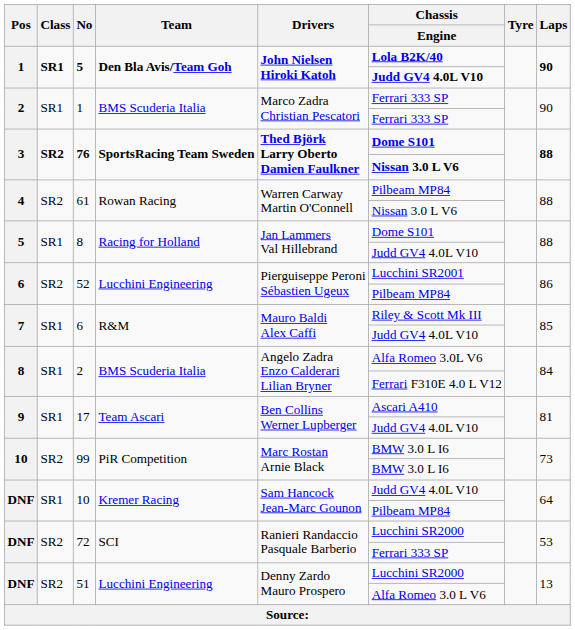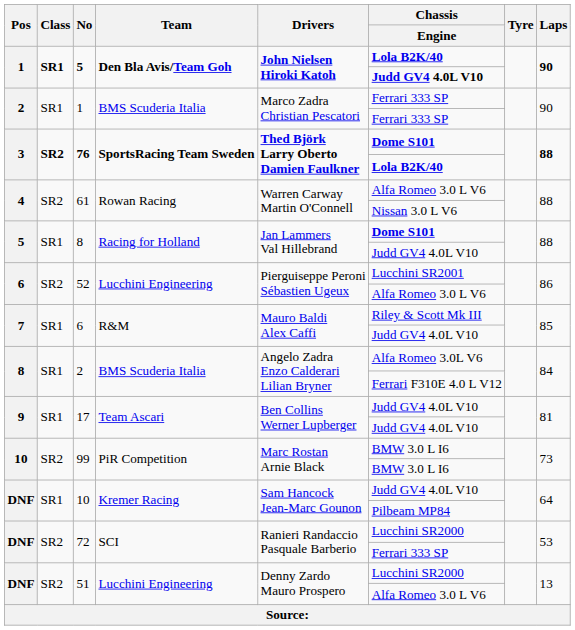 <table class="wikitable">
 <tr>
 <th rowspan="2">Pos</th>
 <th rowspan="2">Class</th>
 <th rowspan="2">No</th>
 <th rowspan="2">Team</th>
 <th rowspan="2">Drivers</th>
 <th>Chassis</th>
 <th rowspan="2">Tyre</th>
 <th rowspan="2">Laps</th>
 </tr>
 <tr>
 <th>Engine</th>
 </tr>
 <tr>
 <th rowspan="2">1</th>
 <td rowspan="2"><strong>SR1</strong></td>
 <td rowspan="2"><strong>5</strong></td>
 <td rowspan="2"><strong> Den Bla Avis/<a href='#'>Team Goh</a></strong></td>
 <td rowspan="2"><strong> <a href='#'>John Nielsen</a><br> <a href='#'>Hiroki Katoh</a></strong></td>
 <td><strong><a href='#'>Lola B2K/40</a></strong></td>
 <td rowspan="2"></td>
 <td rowspan="2"><strong>90</strong></td>
 </tr>
 <tr>
 <td><strong><a href='#'>Judd GV4</a> 4.0L V10</strong></td>
 </tr>
 <tr>
 <th rowspan="2">2</th>
 <td rowspan="2">SR1</td>
 <td rowspan="2">1</td>
 <td rowspan="2"> <a href='#'>BMS Scuderia Italia</a></td>
 <td rowspan="2"> Marco Zadra<br> <a href='#'>Christian Pescatori</a></td>
 <td><a href='#'>Ferrari 333 SP</a></td>
 <td rowspan="2"></td>
 <td rowspan="2">90</td>
 </tr>
 <tr>
 <td><a href='#'>Ferrari 333 SP</a></td>
 </tr>
 <tr>
 <th rowspan="2">3</th>
 <td rowspan="2"><strong>SR2</strong></td>
 <td rowspan="2"><strong>76</strong></td>
 <td rowspan="2"><strong> SportsRacing Team Sweden</strong></td>
 <td rowspan="2"><strong> <a href='#'>Thed Björk</a><br> Larry Oberto<br> <a href='#'>Damien Faulkner</a></strong></td>
 <td><strong><a href='#'>Dome S101</a></strong></td>
 <td rowspan="2"></td>
 <td rowspan="2"><strong>88</strong></td>
 </tr>
 <tr>
-<td><strong><a href='#'>Nissan</a> 3.0 L V6</strong></td>
+<td><strong><a href='#'>Lola B2K/40</a></strong></td>
 </tr>
 <tr>
 <th rowspan="2">4</th>
 <td rowspan="2">SR2</td>
 <td rowspan="2">61</td>
 <td rowspan="2"> Rowan Racing</td>
 <td rowspan="2"> Warren Carway<br> Martin O'Connell</td>
-<td><a href='#'>Pilbeam MP84</a></td>
+<td><a href='#'>Alfa Romeo</a> 3.0 L V6</td>
 <td rowspan="2"></td>
 <td rowspan="2">88</td>
 </tr>
 <tr>
 <td><a href='#'>Nissan</a> 3.0 L V6</td>
 </tr>
 <tr>
 <th rowspan="2">5</th>
 <td rowspan="2">SR1</td>
 <td rowspan="2">8</td>
 <td rowspan="2"> <a href='#'>Racing for Holland</a></td>
 <td rowspan="2"> <a href='#'>Jan Lammers</a><br> Val Hillebrand</td>
-<td><a href='#'>Dome S101</a></td>
+<td><strong><a href='#'>Dome S101</a></strong></td>
 <td rowspan="2"></td>
 <td rowspan="2">88</td>
 </tr>
 <tr>
 <td><a href='#'>Judd GV4</a> 4.0L V10</td>
 </tr>
 <tr>
 <th rowspan="2">6</th>
 <td rowspan="2">SR2</td>
 <td rowspan="2">52</td>
 <td rowspan="2"> <a href='#'>Lucchini Engineering</a></td>
 <td rowspan="2"> Pierguiseppe Peroni<br> <a href='#'>Sébastien Ugeux</a></td>
 <td><a href='#'>Lucchini SR2001</a></td>
 <td rowspan="2"></td>
 <td rowspan="2">86</td>
 </tr>
 <tr>
-<td><a href='#'>Pilbeam MP84</a></td>
+<td><a href='#'>Alfa Romeo</a> 3.0 L V6</td>
 </tr>
 <tr>
 <th rowspan="2">7</th>
 <td rowspan="2">SR1</td>
 <td rowspan="2">6</td>
 <td rowspan="2"> R&M</td>
 <td rowspan="2"> <a href='#'>Mauro Baldi</a><br> <a href='#'>Alex Caffi</a></td>
 <td><a href='#'>Riley & Scott Mk III</a></td>
 <td rowspan="2"></td>
 <td rowspan="2">85</td>
 </tr>
 <tr>
 <td><a href='#'>Judd GV4</a> 4.0L V10</td>
 </tr>
 <tr>
 <th rowspan="2">8</th>
 <td rowspan="2">SR1</td>
 <td rowspan="2">2</td>
 <td rowspan="2"> <a href='#'>BMS Scuderia Italia</a></td>
 <td rowspan="2"> Angelo Zadra<br> <a href='#'>Enzo Calderari</a><br> <a href='#'>Lilian Bryner</a></td>
 <td><a href='#'>Alfa Romeo</a> 3.0L V6</td>
 <td rowspan="2"></td>
 <td rowspan="2">84</td>
 </tr>
 <tr>
 <td><a href='#'>Ferrari</a> F310E 4.0 L V12</td>
 </tr>
 <tr>
 <th rowspan="2">9</th>
 <td rowspan="2">SR1</td>
 <td rowspan="2">17</td>
 <td rowspan="2"> <a href='#'>Team Ascari</a></td>
 <td rowspan="2"> <a href='#'>Ben Collins</a><br> <a href='#'>Werner Lupberger</a></td>
-<td><a href='#'>Ascari A410</a></td>
+<td><a href='#'>Judd GV4</a> 4.0L V10</td>
 <td rowspan="2"></td>
 <td rowspan="2">81</td>
 </tr>
 <tr>
 <td><a href='#'>Judd GV4</a> 4.0L V10</td>
 </tr>
 <tr>
 <th rowspan="2">10</th>
 <td rowspan="2">SR2</td>
 <td rowspan="2">99</td>
 <td rowspan="2"> PiR Competition</td>
 <td rowspan="2"> <a href='#'>Marc Rostan</a><br> Arnie Black</td>
 <td><a href='#'>BMW</a> 3.0 L I6</td>
 <td rowspan="2"></td>
 <td rowspan="2">73</td>
 </tr>
 <tr>
 <td><a href='#'>BMW</a> 3.0 L I6</td>
 </tr>
 <tr>
 <th rowspan="2">DNF</th>
 <td rowspan="2">SR1</td>
 <td rowspan="2">10</td>
 <td rowspan="2"> <a href='#'>Kremer Racing</a></td>
 <td rowspan="2"> <a href='#'>Sam Hancock</a><br> <a href='#'>Jean-Marc Gounon</a></td>
 <td><a href='#'>Judd GV4</a> 4.0L V10</td>
 <td rowspan="2"></td>
 <td rowspan="2">64</td>
 </tr>
 <tr>
 <td><a href='#'>Pilbeam MP84</a></td>
 </tr>
 <tr>
 <th rowspan="2">DNF</th>
 <td rowspan="2">SR2</td>
 <td rowspan="2">72</td>
 <td rowspan="2"> SCI</td>
 <td rowspan="2"> Ranieri Randaccio<br> Pasquale Barberio</td>
 <td><a href='#'>Lucchini SR2000</a></td>
 <td rowspan="2"></td>
 <td rowspan="2">53</td>
 </tr>
 <tr>
 <td><a href='#'>Ferrari 333 SP</a></td>
 </tr>
 <tr>
 <th rowspan="2">DNF</th>
 <td rowspan="2">SR2</td>
 <td rowspan="2">51</td>
 <td rowspan="2"> <a href='#'>Lucchini Engineering</a></td>
 <td rowspan="2"> Denny Zardo<br> Mauro Prospero</td>
 <td><a href='#'>Lucchini SR2000</a></td>
 <td rowspan="2"></td>
 <td rowspan="2">13</td>
 </tr>
 <tr>
 <td><a href='#'>Alfa Romeo</a> 3.0 L V6</td>
 </tr>
 <tr>
 <th colspan="8">Source:</th>
 </tr>
 </table>
